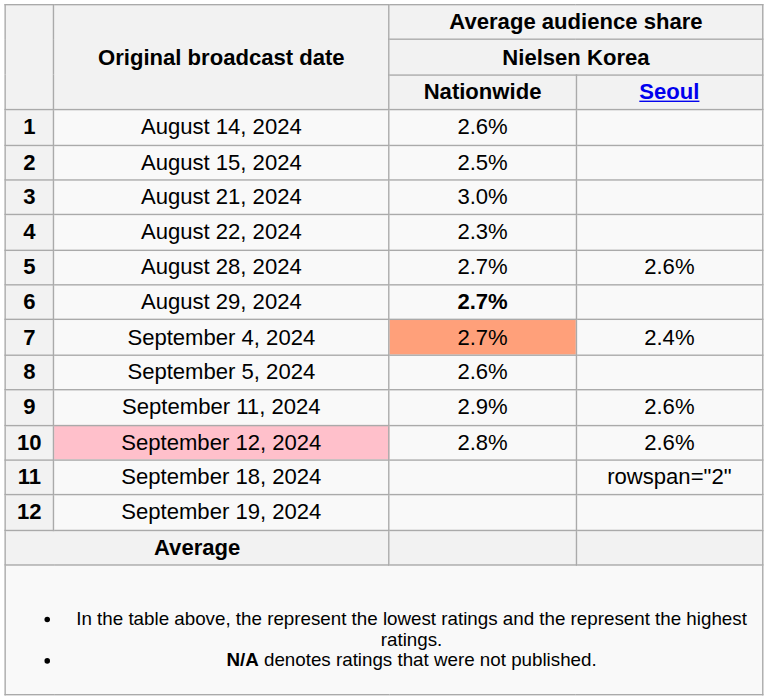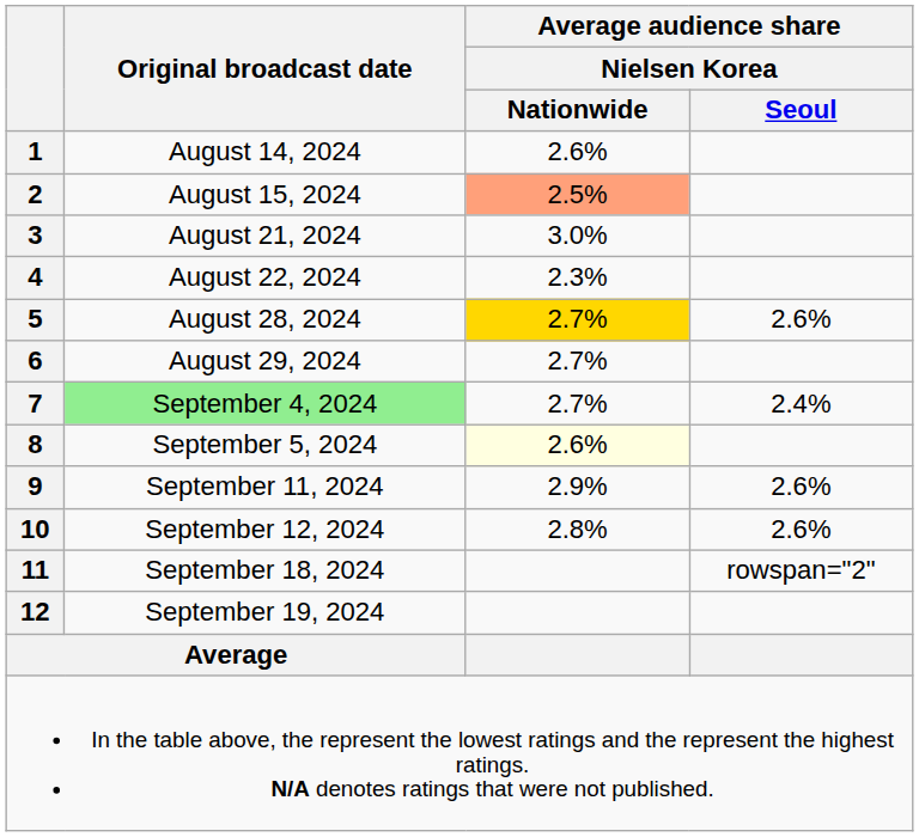 <table class="wikitable" style="margin-left:auto; margin-right:auto; width:550px; text-align:center">
 <tr>
 <th scope="col" rowspan="3"></th>
 <th scope="col" rowspan="3">Original broadcast date</th>
 <th scope="col" colspan="2">Average audience share</th>
 </tr>
 <tr>
 <th scope="col" colspan="2">Nielsen Korea</th>
 </tr>
 <tr>
 <th scope="col" style="width:8em">Nationwide</th>
 <th scope="col" style="width:8em"><a href='#'>Seoul</a></th>
 </tr>
 <tr>
 <th scope="row">1</th>
 <td>August 14, 2024</td>
 <td>2.6% </td>
 <td><strong></strong> </td>
 </tr>
 <tr>
 <th scope="row">2</th>
 <td>August 15, 2024</td>
-<td>2.5% </td>
+<td style="background: lightsalmon;">2.5% </td>
 <td></td>
 </tr>
 <tr>
 <th scope="row">3</th>
 <td>August 21, 2024</td>
 <td>3.0% </td>
 <td><strong></strong> </td>
 </tr>
 <tr>
 <th scope="row">4</th>
 <td>August 22, 2024</td>
 <td>2.3% </td>
 <td></td>
 </tr>
 <tr>
 <th scope="row">5</th>
 <td>August 28, 2024</td>
-<td>2.7% </td>
+<td style="background: gold;">2.7% </td>
 <td>2.6% </td>
 </tr>
 <tr>
 <th scope="row">6</th>
 <td>August 29, 2024</td>
-<td><strong>2.7% </strong></td>
+<td>2.7% </td>
 <td></td>
 </tr>
 <tr>
 <th scope="row">7</th>
-<td>September 4, 2024</td>
-<td style="background: lightsalmon;">2.7% </td>
+<td style="background: lightgreen;">September 4, 2024</td>
+<td>2.7% </td>
 <td>2.4% </td>
 </tr>
 <tr>
 <th scope="row">8</th>
 <td>September 5, 2024</td>
-<td>2.6% </td>
+<td style="background: lightyellow;">2.6% </td>
 <td></td>
 </tr>
 <tr>
 <th scope="row">9</th>
 <td>September 11, 2024</td>
 <td>2.9% </td>
 <td>2.6% </td>
 </tr>
 <tr>
 <th scope="row">10</th>
-<td style="background: pink;">September 12, 2024</td>
+<td>September 12, 2024</td>
 <td>2.8% </td>
 <td>2.6% </td>
 </tr>
 <tr>
 <th scope="row">11</th>
 <td>September 18, 2024</td>
 <td><strong></strong> </td>
 <td>rowspan="2" </td>
 </tr>
 <tr>
 <th scope="row">12</th>
 <td>September 19, 2024</td>
 <td><strong></strong> </td>
 </tr>
 <tr>
 <th scope="col" colspan="2">Average</th>
 <th scope="col"></th>
 <th scope="col"></th>
 </tr>
 <tr>
 <td colspan="5" style="font-size:85%"><br><ul><li>In the table above, the <strong></strong> represent the lowest ratings and the <strong></strong> represent the highest ratings.</li><li><strong>N/A</strong> denotes ratings that were not published.</li></ul></td>
 </tr>
 </table>
